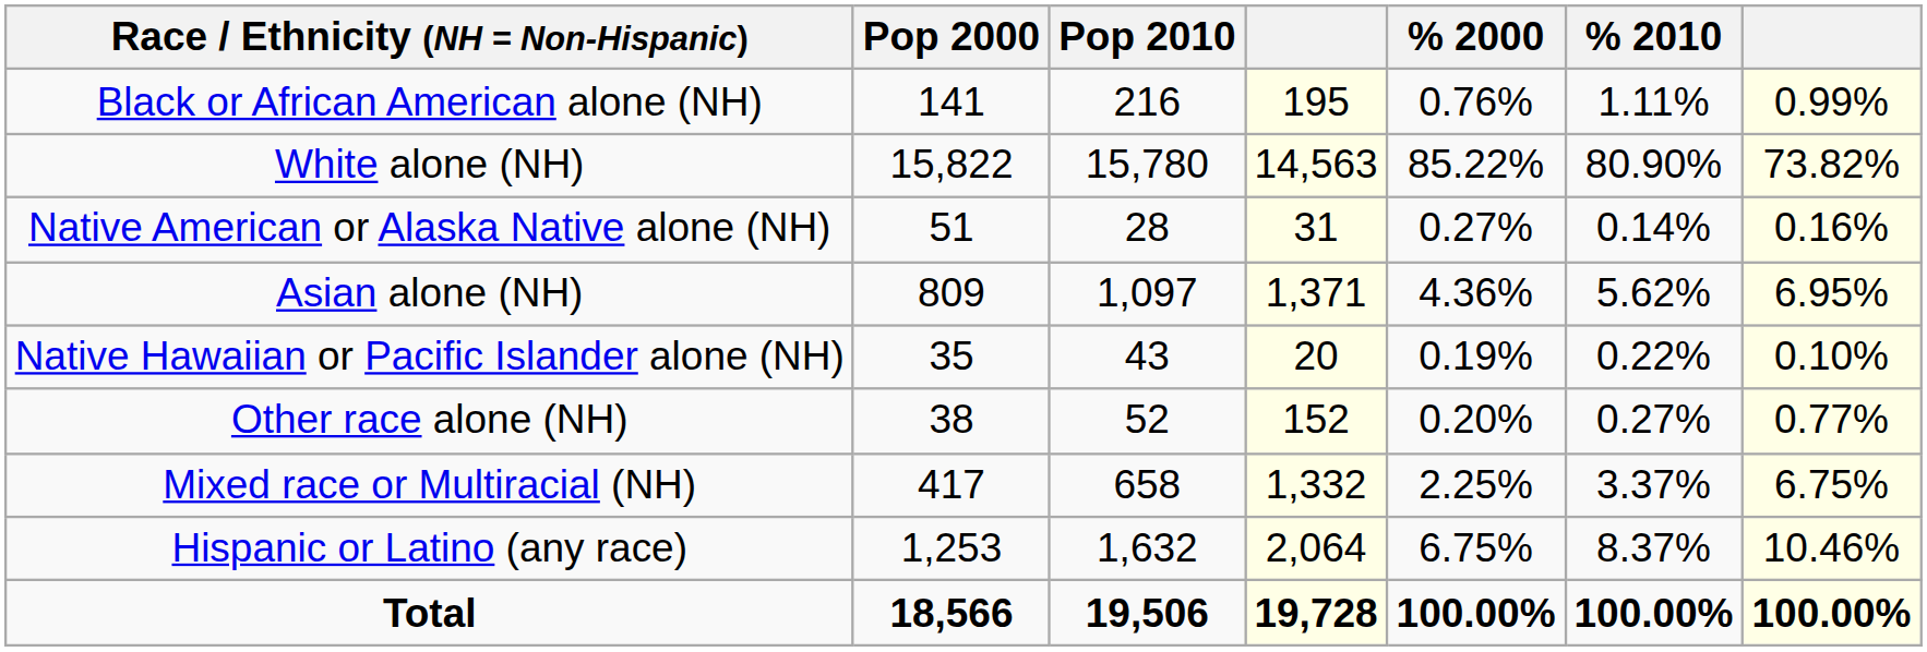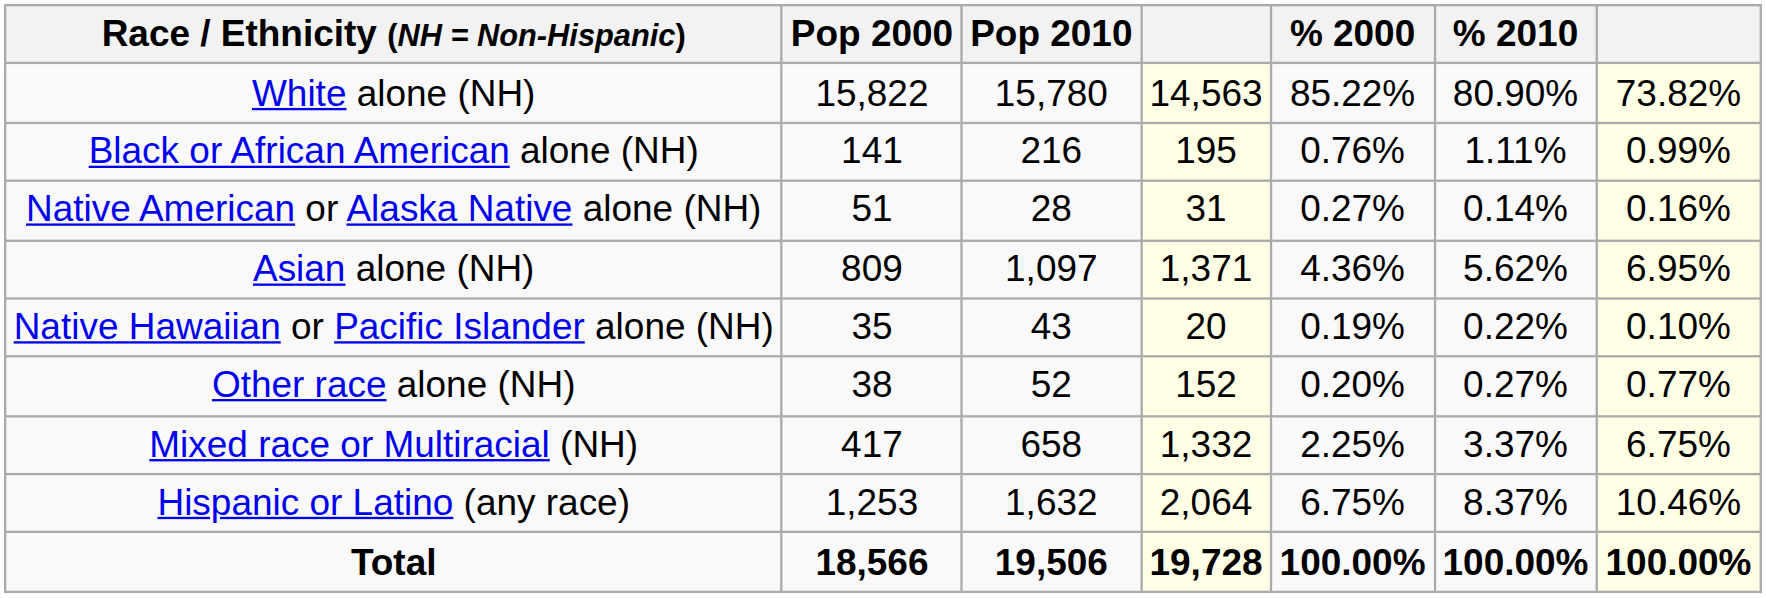 <table class="wikitable" style="text-align:center;">
 <tr>
 <th>Race / Ethnicity <small>(<em>NH = Non-Hispanic</em>)</small></th>
 <th>Pop 2000</th>
 <th>Pop 2010</th>
 <th></th>
 <th>% 2000</th>
 <th>% 2010</th>
 <th></th>
 </tr>
 <tr>
+<td><a href='#'>White</a> alone (NH)</td>
+<td>15,822</td>
+<td>15,780</td>
+<td style='background: #ffffe6;'>14,563</td>
+<td>85.22%</td>
+<td>80.90%</td>
+<td style='background: #ffffe6;'>73.82%</td>
+</tr>
+<tr>
 <td><a href='#'>Black or African American</a> alone (NH)</td>
 <td>141</td>
 <td>216</td>
 <td style='background: #ffffe6;'>195</td>
 <td>0.76%</td>
 <td>1.11%</td>
 <td style='background: #ffffe6;'>0.99%</td>
-</tr>
-<tr>
-<td><a href='#'>White</a> alone (NH)</td>
-<td>15,822</td>
-<td>15,780</td>
-<td style='background: #ffffe6;'>14,563</td>
-<td>85.22%</td>
-<td>80.90%</td>
-<td style='background: #ffffe6;'>73.82%</td>
 </tr>
 <tr>
 <td><a href='#'>Native American</a> or <a href='#'>Alaska Native</a> alone (NH)</td>
 <td>51</td>
 <td>28</td>
 <td style='background: #ffffe6;'>31</td>
 <td>0.27%</td>
 <td>0.14%</td>
 <td style='background: #ffffe6;'>0.16%</td>
 </tr>
 <tr>
 <td><a href='#'>Asian</a> alone (NH)</td>
 <td>809</td>
 <td>1,097</td>
 <td style='background: #ffffe6;'>1,371</td>
 <td>4.36%</td>
 <td>5.62%</td>
 <td style='background: #ffffe6;'>6.95%</td>
 </tr>
 <tr>
 <td><a href='#'>Native Hawaiian</a> or <a href='#'>Pacific Islander</a> alone (NH)</td>
 <td>35</td>
 <td>43</td>
 <td style='background: #ffffe6;'>20</td>
 <td>0.19%</td>
 <td>0.22%</td>
 <td style='background: #ffffe6;'>0.10%</td>
 </tr>
 <tr>
 <td><a href='#'>Other race</a> alone (NH)</td>
 <td>38</td>
 <td>52</td>
 <td style='background: #ffffe6;'>152</td>
 <td>0.20%</td>
 <td>0.27%</td>
 <td style='background: #ffffe6;'>0.77%</td>
 </tr>
 <tr>
 <td><a href='#'>Mixed race or Multiracial</a> (NH)</td>
 <td>417</td>
 <td>658</td>
 <td style='background: #ffffe6;'>1,332</td>
 <td>2.25%</td>
 <td>3.37%</td>
 <td style='background: #ffffe6;'>6.75%</td>
 </tr>
 <tr>
 <td><a href='#'>Hispanic or Latino</a> (any race)</td>
 <td>1,253</td>
 <td>1,632</td>
 <td style='background: #ffffe6;'>2,064</td>
 <td>6.75%</td>
 <td>8.37%</td>
 <td style='background: #ffffe6;'>10.46%</td>
 </tr>
 <tr>
 <td><strong>Total</strong></td>
 <td><strong>18,566</strong></td>
 <td><strong>19,506</strong></td>
 <td style='background: #ffffe6;'><strong>19,728</strong></td>
 <td><strong>100.00%</strong></td>
 <td><strong>100.00%</strong></td>
 <td style='background: #ffffe6;'><strong>100.00%</strong></td>
 </tr>
 </table>
